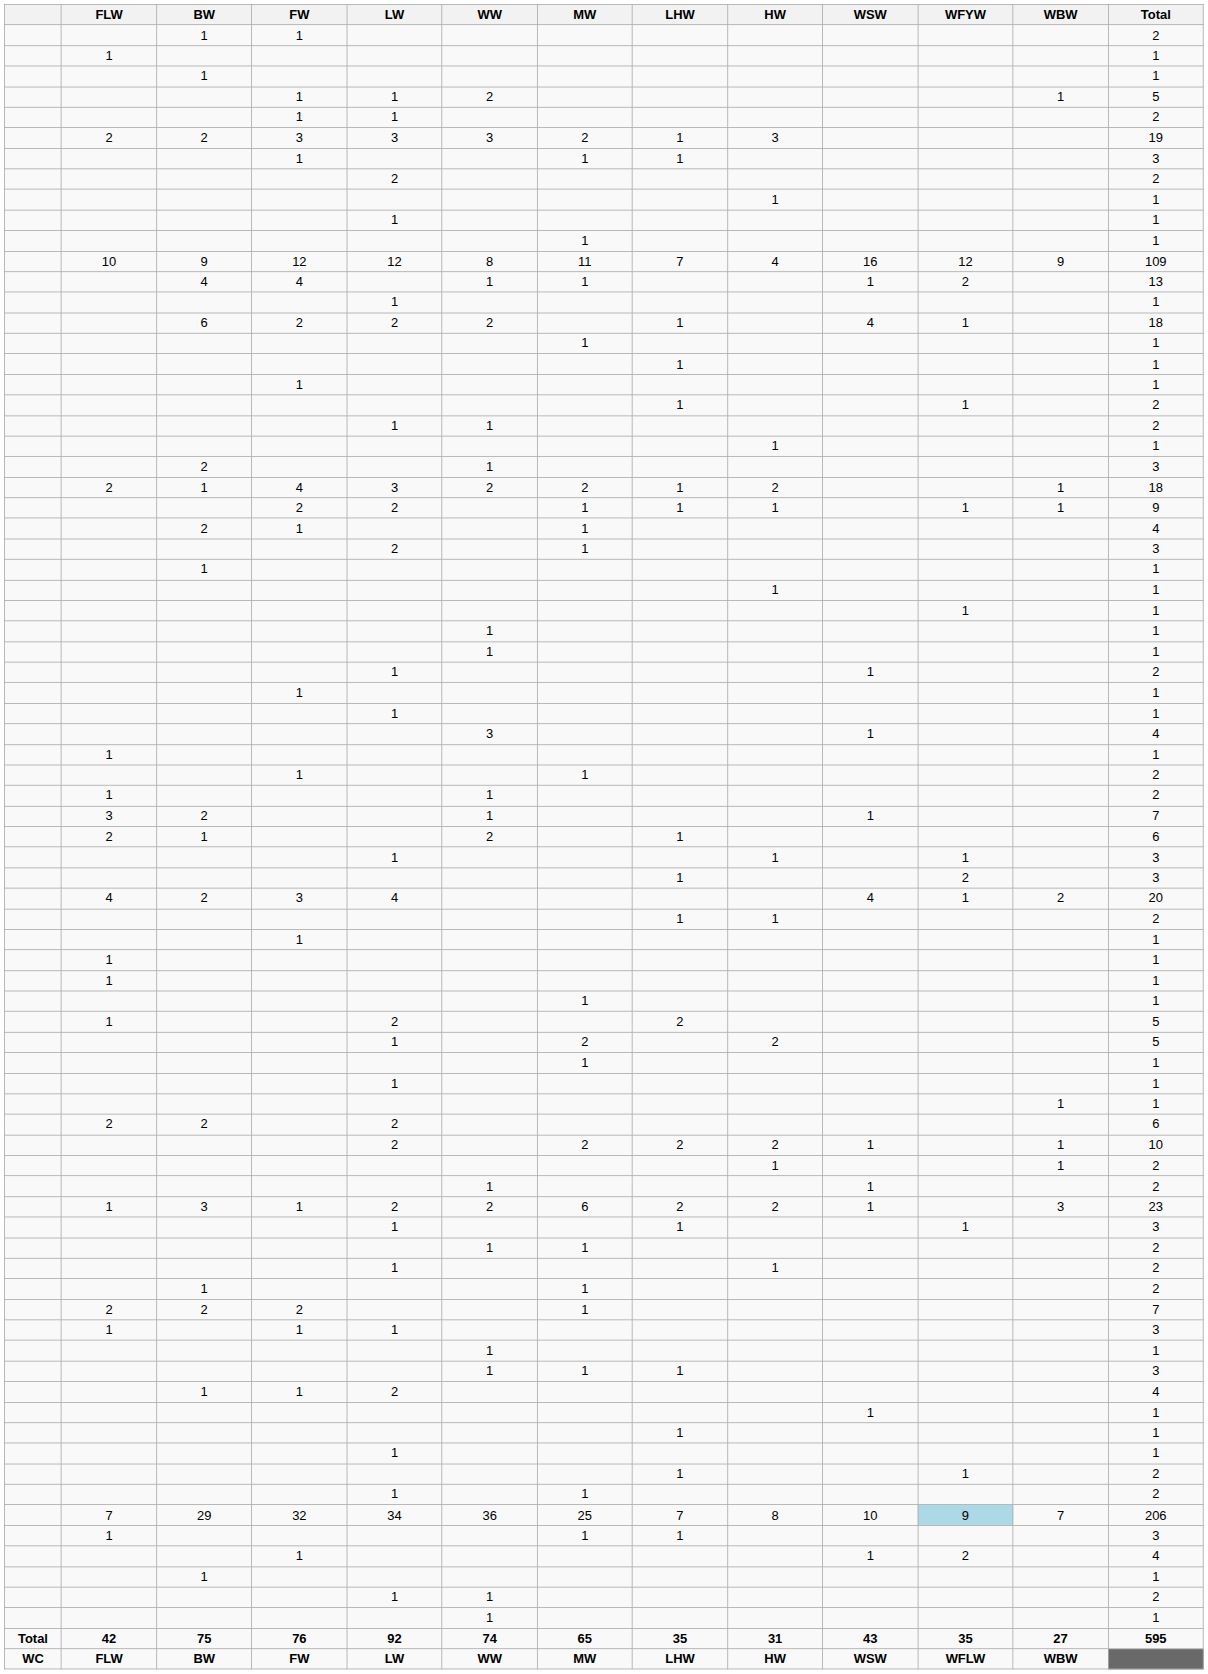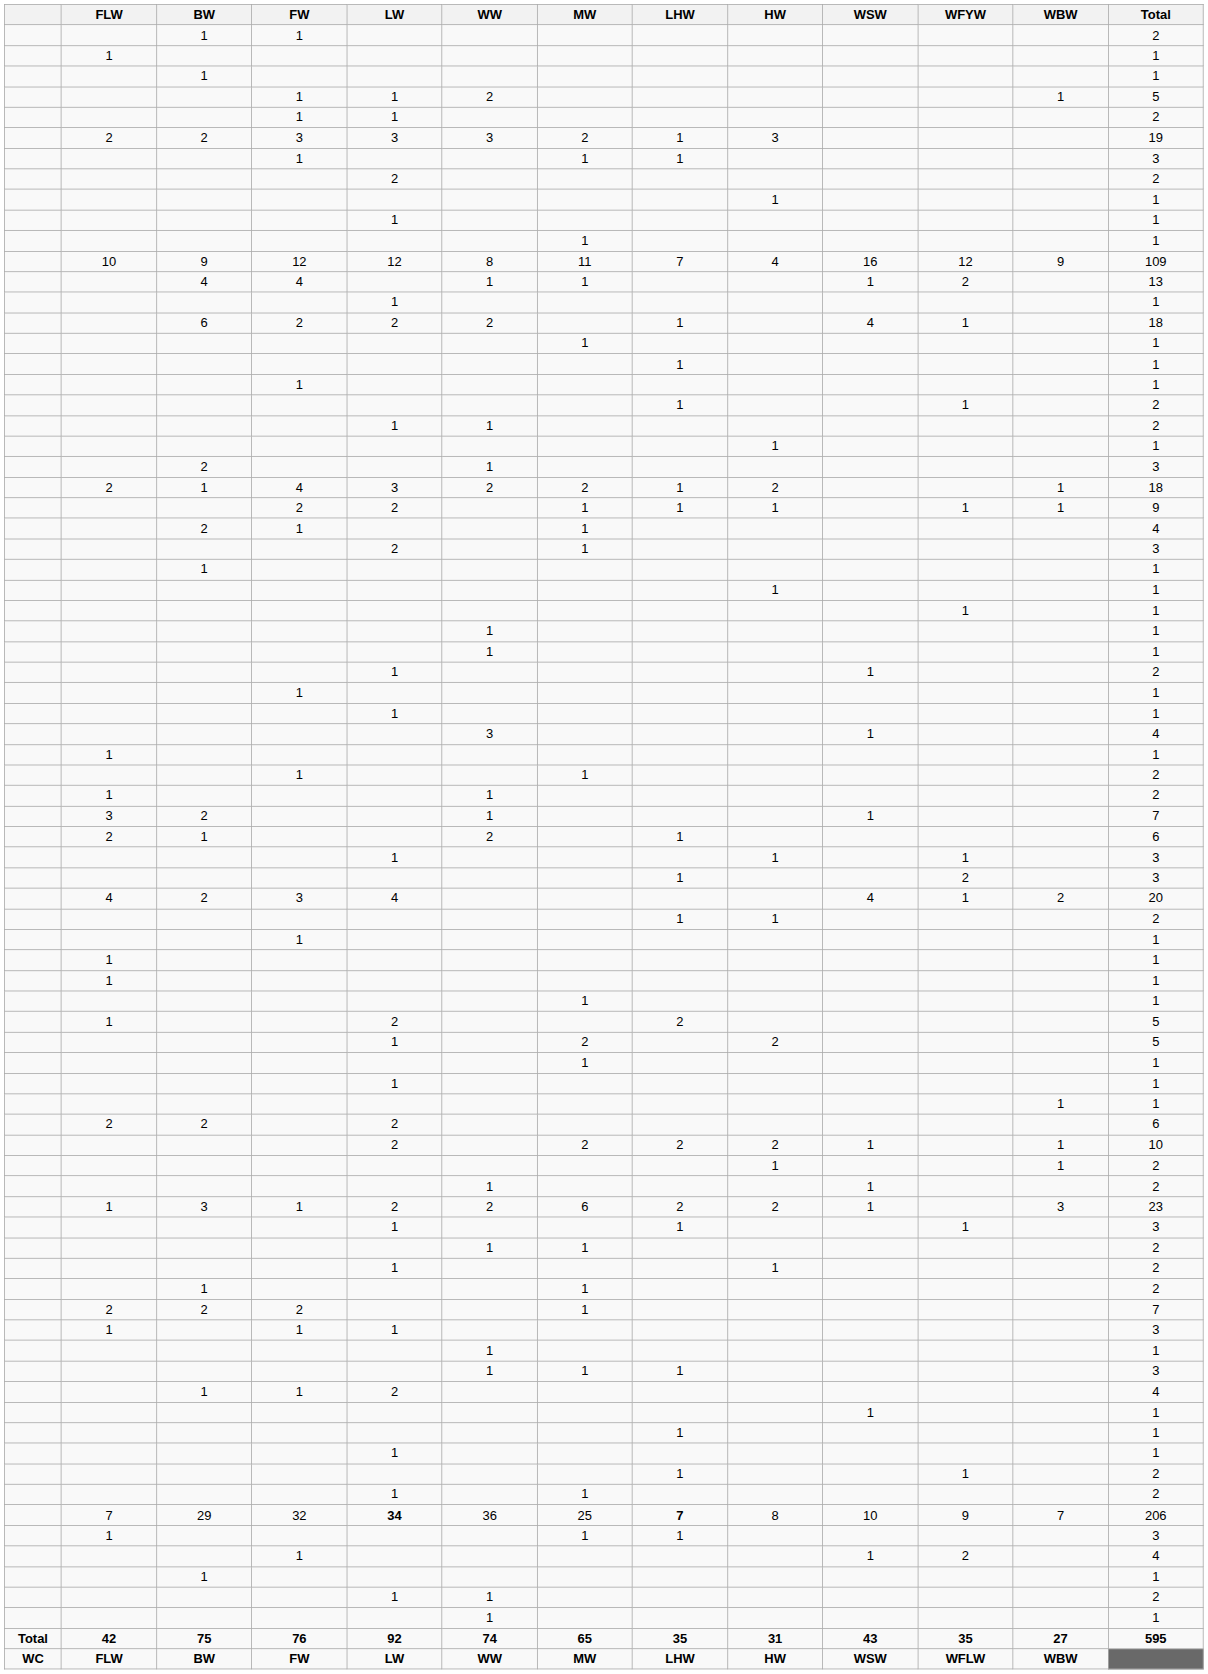 <table class="wikitable sortable" style="text-align:center">
 <tr>
 <th width="3%"></th>
 <th width="5%">FLW</th>
 <th width="5%">BW</th>
 <th width="5%">FW</th>
 <th width="5%">LW</th>
 <th width="5%">WW</th>
 <th width="5%">MW</th>
 <th width="5%">LHW</th>
 <th width="5%">HW</th>
 <th width="5%">WSW</th>
 <th width="5%">WFYW</th>
 <th width="5%">WBW</th>
 <th width="5%">Total</th>
 </tr>
 <tr>
 <td></td>
 <td></td>
 <td>1</td>
 <td>1</td>
 <td></td>
 <td></td>
 <td></td>
 <td></td>
 <td></td>
 <td></td>
 <td></td>
 <td></td>
 <td>2</td>
 </tr>
 <tr>
 <td></td>
 <td>1</td>
 <td></td>
 <td></td>
 <td></td>
 <td></td>
 <td></td>
 <td></td>
 <td></td>
 <td></td>
 <td></td>
 <td></td>
 <td>1</td>
 </tr>
 <tr>
 <td></td>
 <td></td>
 <td>1</td>
 <td></td>
 <td></td>
 <td></td>
 <td></td>
 <td></td>
 <td></td>
 <td></td>
 <td></td>
 <td></td>
 <td>1</td>
 </tr>
 <tr>
 <td></td>
 <td></td>
 <td></td>
 <td>1</td>
 <td>1</td>
 <td>2</td>
 <td></td>
 <td></td>
 <td></td>
 <td></td>
 <td></td>
 <td>1</td>
 <td>5</td>
 </tr>
 <tr>
 <td></td>
 <td></td>
 <td></td>
 <td>1</td>
 <td>1</td>
 <td></td>
 <td></td>
 <td></td>
 <td></td>
 <td></td>
 <td></td>
 <td></td>
 <td>2</td>
 </tr>
 <tr>
 <td></td>
 <td>2</td>
 <td>2</td>
 <td>3</td>
 <td>3</td>
 <td>3</td>
 <td>2</td>
 <td>1</td>
 <td>3</td>
 <td></td>
 <td></td>
 <td></td>
 <td>19</td>
 </tr>
 <tr>
 <td></td>
 <td></td>
 <td></td>
 <td>1</td>
 <td></td>
 <td></td>
 <td>1</td>
 <td>1</td>
 <td></td>
 <td></td>
 <td></td>
 <td></td>
 <td>3</td>
 </tr>
 <tr>
 <td></td>
 <td></td>
 <td></td>
 <td></td>
 <td>2</td>
 <td></td>
 <td></td>
 <td></td>
 <td></td>
 <td></td>
 <td></td>
 <td></td>
 <td>2</td>
 </tr>
 <tr>
 <td></td>
 <td></td>
 <td></td>
 <td></td>
 <td></td>
 <td></td>
 <td></td>
 <td></td>
 <td>1</td>
 <td></td>
 <td></td>
 <td></td>
 <td>1</td>
 </tr>
 <tr>
 <td></td>
 <td></td>
 <td></td>
 <td></td>
 <td>1</td>
 <td></td>
 <td></td>
 <td></td>
 <td></td>
 <td></td>
 <td></td>
 <td></td>
 <td>1</td>
 </tr>
 <tr>
 <td></td>
 <td></td>
 <td></td>
 <td></td>
 <td></td>
 <td></td>
 <td>1</td>
 <td></td>
 <td></td>
 <td></td>
 <td></td>
 <td></td>
 <td>1</td>
 </tr>
 <tr>
 <td></td>
 <td>10</td>
 <td>9</td>
 <td>12</td>
 <td>12</td>
 <td>8</td>
 <td>11</td>
 <td>7</td>
 <td>4</td>
 <td>16</td>
 <td>12</td>
 <td>9</td>
 <td>109</td>
 </tr>
 <tr>
 <td></td>
 <td></td>
 <td>4</td>
 <td>4</td>
 <td></td>
 <td>1</td>
 <td>1</td>
 <td></td>
 <td></td>
 <td>1</td>
 <td>2</td>
 <td></td>
 <td>13</td>
 </tr>
 <tr>
 <td></td>
 <td></td>
 <td></td>
 <td></td>
 <td>1</td>
 <td></td>
 <td></td>
 <td></td>
 <td></td>
 <td></td>
 <td></td>
 <td></td>
 <td>1</td>
 </tr>
 <tr>
 <td></td>
 <td></td>
 <td>6</td>
 <td>2</td>
 <td>2</td>
 <td>2</td>
 <td></td>
 <td>1</td>
 <td></td>
 <td>4</td>
 <td>1</td>
 <td></td>
 <td>18</td>
 </tr>
 <tr>
 <td></td>
 <td></td>
 <td></td>
 <td></td>
 <td></td>
 <td></td>
 <td>1</td>
 <td></td>
 <td></td>
 <td></td>
 <td></td>
 <td></td>
 <td>1</td>
 </tr>
 <tr>
 <td></td>
 <td></td>
 <td></td>
 <td></td>
 <td></td>
 <td></td>
 <td></td>
 <td>1</td>
 <td></td>
 <td></td>
 <td></td>
 <td></td>
 <td>1</td>
 </tr>
 <tr>
 <td></td>
 <td></td>
 <td></td>
 <td>1</td>
 <td></td>
 <td></td>
 <td></td>
 <td></td>
 <td></td>
 <td></td>
 <td></td>
 <td></td>
 <td>1</td>
 </tr>
 <tr>
 <td></td>
 <td></td>
 <td></td>
 <td></td>
 <td></td>
 <td></td>
 <td></td>
 <td>1</td>
 <td></td>
 <td></td>
 <td>1</td>
 <td></td>
 <td>2</td>
 </tr>
 <tr>
 <td></td>
 <td></td>
 <td></td>
 <td></td>
 <td>1</td>
 <td>1</td>
 <td></td>
 <td></td>
 <td></td>
 <td></td>
 <td></td>
 <td></td>
 <td>2</td>
 </tr>
 <tr>
 <td></td>
 <td></td>
 <td></td>
 <td></td>
 <td></td>
 <td></td>
 <td></td>
 <td></td>
 <td>1</td>
 <td></td>
 <td></td>
 <td></td>
 <td>1</td>
 </tr>
 <tr>
 <td></td>
 <td></td>
 <td>2</td>
 <td></td>
 <td></td>
 <td>1</td>
 <td></td>
 <td></td>
 <td></td>
 <td></td>
 <td></td>
 <td></td>
 <td>3</td>
 </tr>
 <tr>
 <td></td>
 <td>2</td>
 <td>1</td>
 <td>4</td>
 <td>3</td>
 <td>2</td>
 <td>2</td>
 <td>1</td>
 <td>2</td>
 <td></td>
 <td></td>
 <td>1</td>
 <td>18</td>
 </tr>
 <tr>
 <td></td>
 <td></td>
 <td></td>
 <td>2</td>
 <td>2</td>
 <td></td>
 <td>1</td>
 <td>1</td>
 <td>1</td>
 <td></td>
 <td>1</td>
 <td>1</td>
 <td>9</td>
 </tr>
 <tr>
 <td></td>
 <td></td>
 <td>2</td>
 <td>1</td>
 <td></td>
 <td></td>
 <td>1</td>
 <td></td>
 <td></td>
 <td></td>
 <td></td>
 <td></td>
 <td>4</td>
 </tr>
 <tr>
 <td></td>
 <td></td>
 <td></td>
 <td></td>
 <td>2</td>
 <td></td>
 <td>1</td>
 <td></td>
 <td></td>
 <td></td>
 <td></td>
 <td></td>
 <td>3</td>
 </tr>
 <tr>
 <td></td>
 <td></td>
 <td>1</td>
 <td></td>
 <td></td>
 <td></td>
 <td></td>
 <td></td>
 <td></td>
 <td></td>
 <td></td>
 <td></td>
 <td>1</td>
 </tr>
 <tr>
 <td></td>
 <td></td>
 <td></td>
 <td></td>
 <td></td>
 <td></td>
 <td></td>
 <td></td>
 <td>1</td>
 <td></td>
 <td></td>
 <td></td>
 <td>1</td>
 </tr>
 <tr>
 <td></td>
 <td></td>
 <td></td>
 <td></td>
 <td></td>
 <td></td>
 <td></td>
 <td></td>
 <td></td>
 <td></td>
 <td>1</td>
 <td></td>
 <td>1</td>
 </tr>
 <tr>
 <td></td>
 <td></td>
 <td></td>
 <td></td>
 <td></td>
 <td>1</td>
 <td></td>
 <td></td>
 <td></td>
 <td></td>
 <td></td>
 <td></td>
 <td>1</td>
 </tr>
 <tr>
 <td></td>
 <td></td>
 <td></td>
 <td></td>
 <td></td>
 <td>1</td>
 <td></td>
 <td></td>
 <td></td>
 <td></td>
 <td></td>
 <td></td>
 <td>1</td>
 </tr>
 <tr>
 <td></td>
 <td></td>
 <td></td>
 <td></td>
 <td>1</td>
 <td></td>
 <td></td>
 <td></td>
 <td></td>
 <td>1</td>
 <td></td>
 <td></td>
 <td>2</td>
 </tr>
 <tr>
 <td></td>
 <td></td>
 <td></td>
 <td>1</td>
 <td></td>
 <td></td>
 <td></td>
 <td></td>
 <td></td>
 <td></td>
 <td></td>
 <td></td>
 <td>1</td>
 </tr>
 <tr>
 <td></td>
 <td></td>
 <td></td>
 <td></td>
 <td>1</td>
 <td></td>
 <td></td>
 <td></td>
 <td></td>
 <td></td>
 <td></td>
 <td></td>
 <td>1</td>
 </tr>
 <tr>
 <td></td>
 <td></td>
 <td></td>
 <td></td>
 <td></td>
 <td>3</td>
 <td></td>
 <td></td>
 <td></td>
 <td>1</td>
 <td></td>
 <td></td>
 <td>4</td>
 </tr>
 <tr>
 <td></td>
 <td>1</td>
 <td></td>
 <td></td>
 <td></td>
 <td></td>
 <td></td>
 <td></td>
 <td></td>
 <td></td>
 <td></td>
 <td></td>
 <td>1</td>
 </tr>
 <tr>
 <td></td>
 <td></td>
 <td></td>
 <td>1</td>
 <td></td>
 <td></td>
 <td>1</td>
 <td></td>
 <td></td>
 <td></td>
 <td></td>
 <td></td>
 <td>2</td>
 </tr>
 <tr>
 <td></td>
 <td>1</td>
 <td></td>
 <td></td>
 <td></td>
 <td>1</td>
 <td></td>
 <td></td>
 <td></td>
 <td></td>
 <td></td>
 <td></td>
 <td>2</td>
 </tr>
 <tr>
 <td></td>
 <td>3</td>
 <td>2</td>
 <td></td>
 <td></td>
 <td>1</td>
 <td></td>
 <td></td>
 <td></td>
 <td>1</td>
 <td></td>
 <td></td>
 <td>7</td>
 </tr>
 <tr>
 <td></td>
 <td>2</td>
 <td>1</td>
 <td></td>
 <td></td>
 <td>2</td>
 <td></td>
 <td>1</td>
 <td></td>
 <td></td>
 <td></td>
 <td></td>
 <td>6</td>
 </tr>
 <tr>
 <td></td>
 <td></td>
 <td></td>
 <td></td>
 <td>1</td>
 <td></td>
 <td></td>
 <td></td>
 <td>1</td>
 <td></td>
 <td>1</td>
 <td></td>
 <td>3</td>
 </tr>
 <tr>
 <td></td>
 <td></td>
 <td></td>
 <td></td>
 <td></td>
 <td></td>
 <td></td>
 <td>1</td>
 <td></td>
 <td></td>
 <td>2</td>
 <td></td>
 <td>3</td>
 </tr>
 <tr>
 <td></td>
 <td>4</td>
 <td>2</td>
 <td>3</td>
 <td>4</td>
 <td></td>
 <td></td>
 <td></td>
 <td></td>
 <td>4</td>
 <td>1</td>
 <td>2</td>
 <td>20</td>
 </tr>
 <tr>
 <td></td>
 <td></td>
 <td></td>
 <td></td>
 <td></td>
 <td></td>
 <td></td>
 <td>1</td>
 <td>1</td>
 <td></td>
 <td></td>
 <td></td>
 <td>2</td>
 </tr>
 <tr>
 <td></td>
 <td></td>
 <td></td>
 <td>1</td>
 <td></td>
 <td></td>
 <td></td>
 <td></td>
 <td></td>
 <td></td>
 <td></td>
 <td></td>
 <td>1</td>
 </tr>
 <tr>
 <td></td>
 <td>1</td>
 <td></td>
 <td></td>
 <td></td>
 <td></td>
 <td></td>
 <td></td>
 <td></td>
 <td></td>
 <td></td>
 <td></td>
 <td>1</td>
 </tr>
 <tr>
 <td></td>
 <td>1</td>
 <td></td>
 <td></td>
 <td></td>
 <td></td>
 <td></td>
 <td></td>
 <td></td>
 <td></td>
 <td></td>
 <td></td>
 <td>1</td>
 </tr>
 <tr>
 <td></td>
 <td></td>
 <td></td>
 <td></td>
 <td></td>
 <td></td>
 <td>1</td>
 <td></td>
 <td></td>
 <td></td>
 <td></td>
 <td></td>
 <td>1</td>
 </tr>
 <tr>
 <td></td>
 <td>1</td>
 <td></td>
 <td></td>
 <td>2</td>
 <td></td>
 <td></td>
 <td>2</td>
 <td></td>
 <td></td>
 <td></td>
 <td></td>
 <td>5</td>
 </tr>
 <tr>
 <td></td>
 <td></td>
 <td></td>
 <td></td>
 <td>1</td>
 <td></td>
 <td>2</td>
 <td></td>
 <td>2</td>
 <td></td>
 <td></td>
 <td></td>
 <td>5</td>
 </tr>
 <tr>
 <td></td>
 <td></td>
 <td></td>
 <td></td>
 <td></td>
 <td></td>
 <td>1</td>
 <td></td>
 <td></td>
 <td></td>
 <td></td>
 <td></td>
 <td>1</td>
 </tr>
 <tr>
 <td></td>
 <td></td>
 <td></td>
 <td></td>
 <td>1</td>
 <td></td>
 <td></td>
 <td></td>
 <td></td>
 <td></td>
 <td></td>
 <td></td>
 <td>1</td>
 </tr>
 <tr>
 <td></td>
 <td></td>
 <td></td>
 <td></td>
 <td></td>
 <td></td>
 <td></td>
 <td></td>
 <td></td>
 <td></td>
 <td></td>
 <td>1</td>
 <td>1</td>
 </tr>
 <tr>
 <td></td>
 <td>2</td>
 <td>2</td>
 <td></td>
 <td>2</td>
 <td></td>
 <td></td>
 <td></td>
 <td></td>
 <td></td>
 <td></td>
 <td></td>
 <td>6</td>
 </tr>
 <tr>
 <td></td>
 <td></td>
 <td></td>
 <td></td>
 <td>2</td>
 <td></td>
 <td>2</td>
 <td>2</td>
 <td>2</td>
 <td>1</td>
 <td></td>
 <td>1</td>
 <td>10</td>
 </tr>
 <tr>
 <td></td>
 <td></td>
 <td></td>
 <td></td>
 <td></td>
 <td></td>
 <td></td>
 <td></td>
 <td>1</td>
 <td></td>
 <td></td>
 <td>1</td>
 <td>2</td>
 </tr>
 <tr>
 <td></td>
 <td></td>
 <td></td>
 <td></td>
 <td></td>
 <td>1</td>
 <td></td>
 <td></td>
 <td></td>
 <td>1</td>
 <td></td>
 <td></td>
 <td>2</td>
 </tr>
 <tr>
 <td></td>
 <td>1</td>
 <td>3</td>
 <td>1</td>
 <td>2</td>
 <td>2</td>
 <td>6</td>
 <td>2</td>
 <td>2</td>
 <td>1</td>
 <td></td>
 <td>3</td>
 <td>23</td>
 </tr>
 <tr>
 <td></td>
 <td></td>
 <td></td>
 <td></td>
 <td>1</td>
 <td></td>
 <td></td>
 <td>1</td>
 <td></td>
 <td></td>
 <td>1</td>
 <td></td>
 <td>3</td>
 </tr>
 <tr>
 <td></td>
 <td></td>
 <td></td>
 <td></td>
 <td></td>
 <td>1</td>
 <td>1</td>
 <td></td>
 <td></td>
 <td></td>
 <td></td>
 <td></td>
 <td>2</td>
 </tr>
 <tr>
 <td></td>
 <td></td>
 <td></td>
 <td></td>
 <td>1</td>
 <td></td>
 <td></td>
 <td></td>
 <td>1</td>
 <td></td>
 <td></td>
 <td></td>
 <td>2</td>
 </tr>
 <tr>
 <td></td>
 <td></td>
 <td>1</td>
 <td></td>
 <td></td>
 <td></td>
 <td>1</td>
 <td></td>
 <td></td>
 <td></td>
 <td></td>
 <td></td>
 <td>2</td>
 </tr>
 <tr>
 <td></td>
 <td>2</td>
 <td>2</td>
 <td>2</td>
 <td></td>
 <td></td>
 <td>1</td>
 <td></td>
 <td></td>
 <td></td>
 <td></td>
 <td></td>
 <td>7</td>
 </tr>
 <tr>
 <td></td>
 <td>1</td>
 <td></td>
 <td>1</td>
 <td>1</td>
 <td></td>
 <td></td>
 <td></td>
 <td></td>
 <td></td>
 <td></td>
 <td></td>
 <td>3</td>
 </tr>
 <tr>
 <td></td>
 <td></td>
 <td></td>
 <td></td>
 <td></td>
 <td>1</td>
 <td></td>
 <td></td>
 <td></td>
 <td></td>
 <td></td>
 <td></td>
 <td>1</td>
 </tr>
 <tr>
 <td></td>
 <td></td>
 <td></td>
 <td></td>
 <td></td>
 <td>1</td>
 <td>1</td>
 <td>1</td>
 <td></td>
 <td></td>
 <td></td>
 <td></td>
 <td>3</td>
 </tr>
 <tr>
 <td></td>
 <td></td>
 <td>1</td>
 <td>1</td>
 <td>2</td>
 <td></td>
 <td></td>
 <td></td>
 <td></td>
 <td></td>
 <td></td>
 <td></td>
 <td>4</td>
 </tr>
 <tr>
 <td></td>
 <td></td>
 <td></td>
 <td></td>
 <td></td>
 <td></td>
 <td></td>
 <td></td>
 <td></td>
 <td>1</td>
 <td></td>
 <td></td>
 <td>1</td>
 </tr>
 <tr>
 <td></td>
 <td></td>
 <td></td>
 <td></td>
 <td></td>
 <td></td>
 <td></td>
 <td>1</td>
 <td></td>
 <td></td>
 <td></td>
 <td></td>
 <td>1</td>
 </tr>
 <tr>
 <td></td>
 <td></td>
 <td></td>
 <td></td>
 <td>1</td>
 <td></td>
 <td></td>
 <td></td>
 <td></td>
 <td></td>
 <td></td>
 <td></td>
 <td>1</td>
 </tr>
 <tr>
 <td></td>
 <td></td>
 <td></td>
 <td></td>
 <td></td>
 <td></td>
 <td></td>
 <td>1</td>
 <td></td>
 <td></td>
 <td>1</td>
 <td></td>
 <td>2</td>
 </tr>
 <tr>
 <td></td>
 <td></td>
 <td></td>
 <td></td>
 <td>1</td>
 <td></td>
 <td>1</td>
 <td></td>
 <td></td>
 <td></td>
 <td></td>
 <td></td>
 <td>2</td>
 </tr>
 <tr>
 <td></td>
 <td>7</td>
 <td>29</td>
 <td>32</td>
-<td>34</td>
+<td><strong>34</strong></td>
 <td>36</td>
 <td>25</td>
-<td>7</td>
+<td><strong>7</strong></td>
 <td>8</td>
 <td>10</td>
-<td style="background: lightblue;">9</td>
+<td>9</td>
 <td>7</td>
 <td>206</td>
 </tr>
 <tr>
 <td></td>
 <td>1</td>
 <td></td>
 <td></td>
 <td></td>
 <td></td>
 <td>1</td>
 <td>1</td>
 <td></td>
 <td></td>
 <td></td>
 <td></td>
 <td>3</td>
 </tr>
 <tr>
 <td></td>
 <td></td>
 <td></td>
 <td>1</td>
 <td></td>
 <td></td>
 <td></td>
 <td></td>
 <td></td>
 <td>1</td>
 <td>2</td>
 <td></td>
 <td>4</td>
 </tr>
 <tr>
 <td></td>
 <td></td>
 <td>1</td>
 <td></td>
 <td></td>
 <td></td>
 <td></td>
 <td></td>
 <td></td>
 <td></td>
 <td></td>
 <td></td>
 <td>1</td>
 </tr>
 <tr>
 <td></td>
 <td></td>
 <td></td>
 <td></td>
 <td>1</td>
 <td>1</td>
 <td></td>
 <td></td>
 <td></td>
 <td></td>
 <td></td>
 <td></td>
 <td>2</td>
 </tr>
 <tr>
 <td></td>
 <td></td>
 <td></td>
 <td></td>
 <td></td>
 <td>1</td>
 <td></td>
 <td></td>
 <td></td>
 <td></td>
 <td></td>
 <td></td>
 <td>1</td>
 </tr>
 <tr>
 <td><strong>Total</strong></td>
 <td><strong>42</strong></td>
 <td><strong>75</strong></td>
 <td><strong>76</strong></td>
 <td><strong>92</strong></td>
 <td><strong>74</strong></td>
 <td><strong>65</strong></td>
 <td><strong>35</strong></td>
 <td><strong>31</strong></td>
 <td><strong>43</strong></td>
 <td><strong>35</strong></td>
 <td><strong>27</strong></td>
 <td><strong>595</strong></td>
 </tr>
 <tr>
 <td><strong>WC</strong></td>
 <td><strong>FLW</strong></td>
 <td><strong>BW</strong></td>
 <td><strong>FW</strong></td>
 <td><strong>LW</strong></td>
 <td><strong>WW</strong></td>
 <td><strong>MW</strong></td>
 <td><strong>LHW</strong></td>
 <td><strong>HW</strong></td>
 <td><strong>WSW</strong></td>
 <td><strong>WFLW</strong></td>
 <td><strong>WBW</strong></td>
 <td style="background: #696969; text-align: center; color:white"></td>
 </tr>
 </table>
